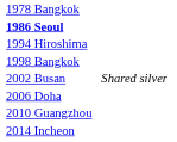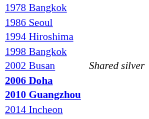 <table>
 <tr>
 <td><a href='#'>1978 Bangkok</a></td>
 <td></td>
 <td></td>
 <td></td>
 </tr>
 <tr>
-<td><strong><a href='#'>1986 Seoul</a></strong></td>
+<td><a href='#'>1986 Seoul</a></td>
 <td></td>
 <td></td>
 <td></td>
 </tr>
 <tr>
 <td><a href='#'>1994 Hiroshima</a></td>
 <td></td>
 <td></td>
 <td></td>
 </tr>
 <tr>
 <td><a href='#'>1998 Bangkok</a></td>
 <td></td>
 <td></td>
 <td></td>
 </tr>
 <tr>
 <td rowspan=2><a href='#'>2002 Busan</a></td>
 <td rowspan=2></td>
 <td></td>
 <td rowspan=2><em>Shared silver</em></td>
 </tr>
 <tr>
 <td></td>
 </tr>
 <tr>
-<td><a href='#'>2006 Doha</a></td>
+<td><strong><a href='#'>2006 Doha</a></strong></td>
 <td></td>
 <td></td>
 <td></td>
 </tr>
 <tr>
-<td><a href='#'>2010 Guangzhou</a></td>
+<td><strong><a href='#'>2010 Guangzhou</a></strong></td>
 <td></td>
 <td></td>
 <td></td>
 </tr>
 <tr>
 <td><a href='#'>2014 Incheon</a></td>
 <td></td>
 <td></td>
 <td></td>
 </tr>
 </table>
